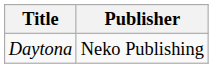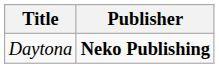 <table class="wikitable">
 <tr>
 <th>Title</th>
 <th>Publisher</th>
 </tr>
 <tr>
 <td><em>Daytona</em></td>
-<td>Neko Publishing</td>
+<td><strong>Neko Publishing</strong></td>
 </tr>
 </table>
